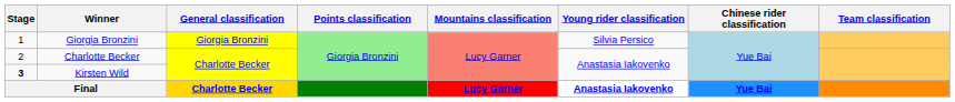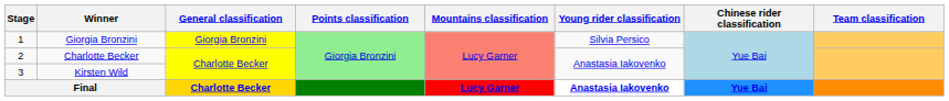 <table class="wikitable" style="text-align: center; font-size:smaller;">
 <tr style="background:#efefef;">
 <th scope="col" style="width:2%;">Stage</th>
 <th scope="col" style="width:14%;">Winner</th>
 <th scope="col" style="width:14%;"><a href='#'>General classification</a><br></th>
 <th scope="col" style="width:14%;"><a href='#'>Points classification</a><br></th>
 <th scope="col" style="width:14%;"><a href='#'>Mountains classification</a><br></th>
 <th scope="col" style="width:14%;"><a href='#'>Young rider classification</a><br></th>
 <th scope="col" style="width:14%;">Chinese rider classification<br></th>
 <th scope="col" style="width:14%;"><a href='#'>Team classification</a></th>
 </tr>
 <tr>
 <td scope="row">1</td>
 <td><a href='#'>Giorgia Bronzini</a></td>
 <td style="background:yellow;"><a href='#'>Giorgia Bronzini</a></td>
 <td style="background:lightgreen" rowspan=3><a href='#'>Giorgia Bronzini</a></td>
 <td style="background:salmon" rowspan=3><a href='#'>Lucy Garner</a></td>
 <td style="background:offwhite"><a href='#'>Silvia Persico</a></td>
 <td style="background:lightblue" rowspan=3><a href='#'>Yue Bai</a></td>
 <td style="background:#FFCD5F;"></td>
 </tr>
 <tr>
 <td scope="row">2</td>
 <td><a href='#'>Charlotte Becker</a></td>
 <td style="background:yellow;" rowspan=2><a href='#'>Charlotte Becker</a></td>
 <td style="background:offwhite" rowspan=2><a href='#'>Anastasia Iakovenko</a></td>
 <td style="background:#FFCD5F;" rowspan=2></td>
 </tr>
 <tr>
-<td scope="row"><strong>3</strong></td>
+<td scope="row">3</td>
 <td><a href='#'>Kirsten Wild</a></td>
 </tr>
 <tr>
 <th scope="row" colspan="2">Final</th>
 <th style="background:gold;"><a href='#'>Charlotte Becker</a></th>
 <th style="background:green"></th>
 <th style="background:red;"><a href='#'>Lucy Garner</a></th>
 <td style="background:white"><strong><a href='#'>Anastasia Iakovenko</a></strong></td>
 <th style="background:dodgerblue;"><a href='#'>Yue Bai</a></th>
 <th style="background:#FF8C00;"></th>
 </tr>
 </table>
